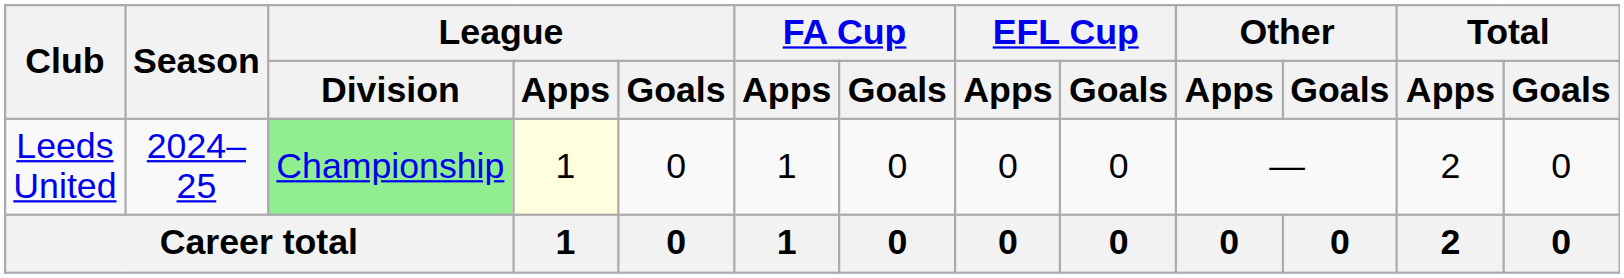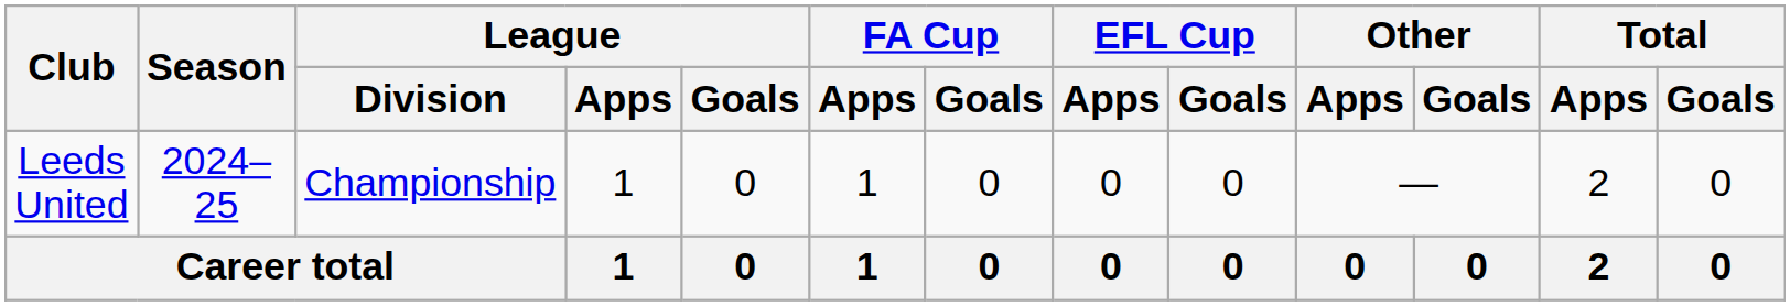 <table class="wikitable" style="text-align:center">
 <tr>
 <th rowspan="2">Club</th>
 <th rowspan="2">Season</th>
 <th colspan="3">League</th>
 <th colspan="2"><a href='#'>FA Cup</a></th>
 <th colspan="2"><a href='#'>EFL Cup</a></th>
 <th colspan="2">Other</th>
 <th colspan="2">Total</th>
 </tr>
 <tr>
 <th>Division</th>
 <th>Apps</th>
 <th>Goals</th>
 <th>Apps</th>
 <th>Goals</th>
 <th>Apps</th>
 <th>Goals</th>
 <th>Apps</th>
 <th>Goals</th>
 <th>Apps</th>
 <th>Goals</th>
 </tr>
 <tr>
 <td><a href='#'>Leeds United</a></td>
 <td><a href='#'>2024–25</a></td>
-<td style="background: lightgreen;"><a href='#'>Championship</a></td>
-<td style="background: lightyellow;">1</td>
+<td><a href='#'>Championship</a></td>
+<td>1</td>
 <td>0</td>
 <td>1</td>
 <td>0</td>
 <td>0</td>
 <td>0</td>
 <td colspan="2">—</td>
 <td>2</td>
 <td>0</td>
 </tr>
 <tr>
 <th colspan="3">Career total</th>
 <th>1</th>
 <th>0</th>
 <th>1</th>
 <th>0</th>
 <th>0</th>
 <th>0</th>
 <th>0</th>
 <th>0</th>
 <th>2</th>
 <th>0</th>
 </tr>
 </table>
